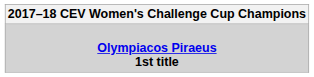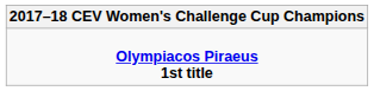 <table class=wikitable style="text-align:center; margin:auto">
 <tr>
 <th>2017–18 CEV Women's Challenge Cup Champions</th>
 </tr>
 <tr>
-<td style="background: lightgrey;"><br> <strong><a href='#'>Olympiacos Piraeus</a></strong><br> <strong>1st title</strong></td>
+<td><br> <strong><a href='#'>Olympiacos Piraeus</a></strong><br> <strong>1st title</strong></td>
 </tr>
 </table>
